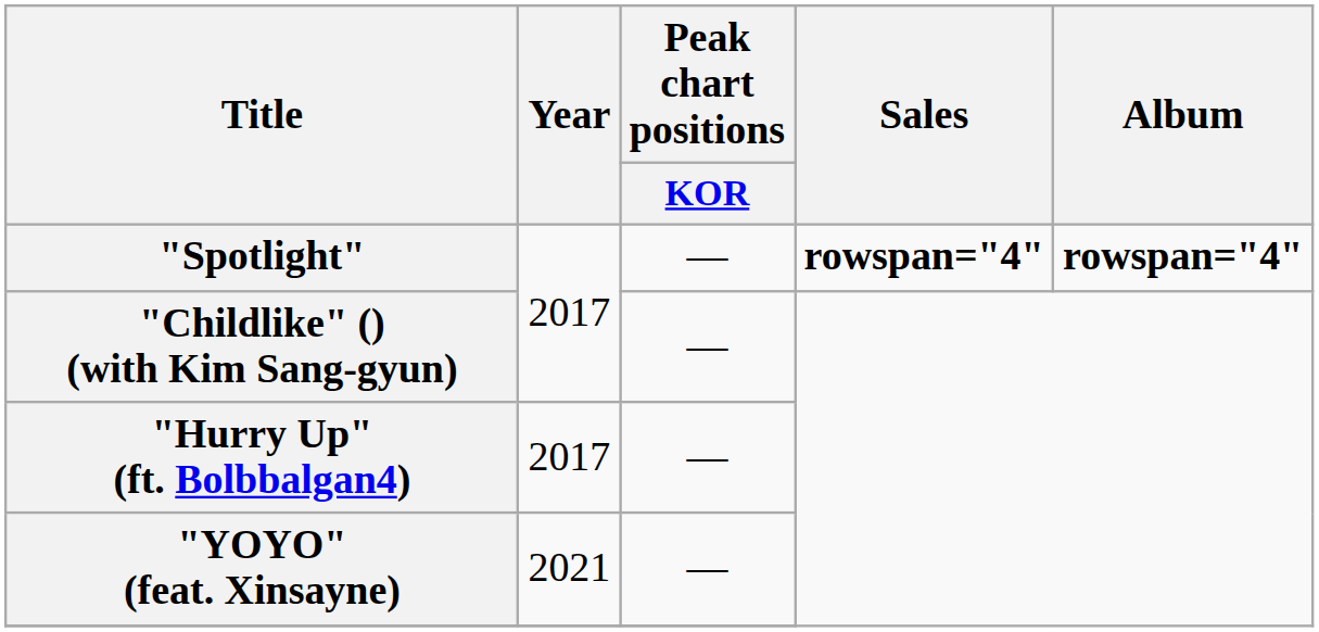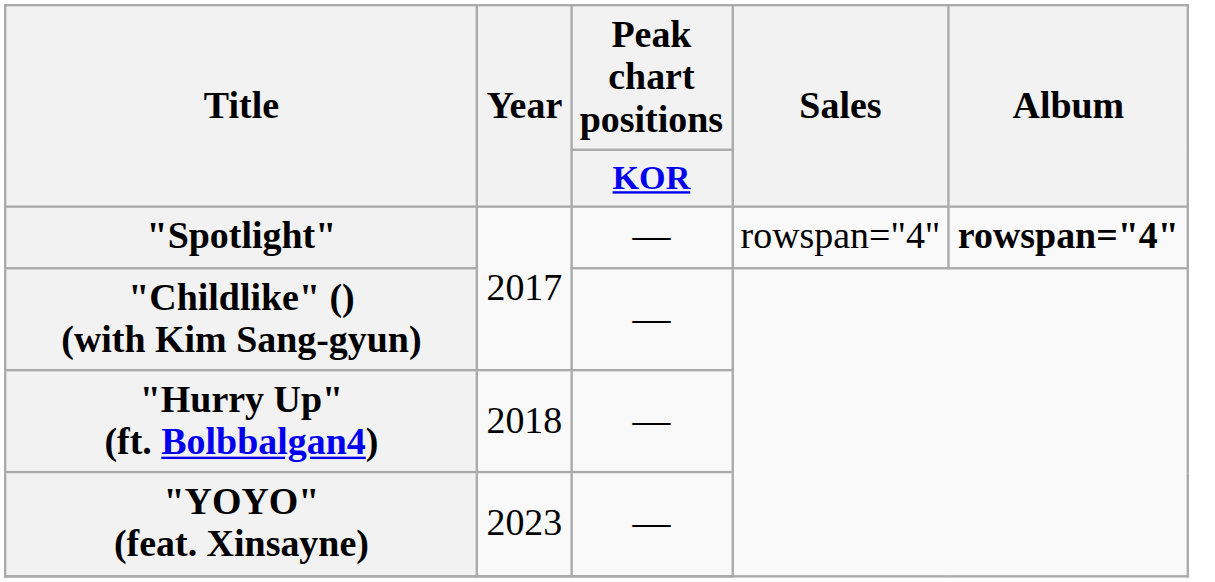 <table class="wikitable plainrowheaders" style="text-align:center">
 <tr>
 <th rowspan="2" style="width:12em;">Title</th>
 <th rowspan="2">Year</th>
 <th colspan="1">Peak chart positions</th>
 <th scope="col" rowspan="2">Sales</th>
 <th rowspan="2">Album</th>
 </tr>
 <tr>
 <th scope="col" style="width:3em;font-size:90%;"><a href='#'>KOR</a></th>
 </tr>
 <tr>
 <th scope="row">"Spotlight"</th>
 <td rowspan="2">2017</td>
 <td>—</td>
-<td><strong>rowspan="4" </strong></td>
+<td>rowspan="4" </td>
 <td><strong>rowspan="4" </strong></td>
 </tr>
 <tr>
 <th scope="row">"Childlike" ()<br>(with Kim Sang-gyun)</th>
 <td>—</td>
 </tr>
 <tr>
 <th scope="row">"Hurry Up"<br>(ft. <a href='#'>Bolbbalgan4</a>)</th>
-<td>2017</td>
+<td>2018</td>
 <td>—</td>
 </tr>
 <tr>
 <th scope="row">"YOYO" <br>(feat. Xinsayne)</th>
-<td>2021</td>
+<td>2023</td>
 <td>—</td>
 </tr>
 <tr>
 </tr>
 </table>
